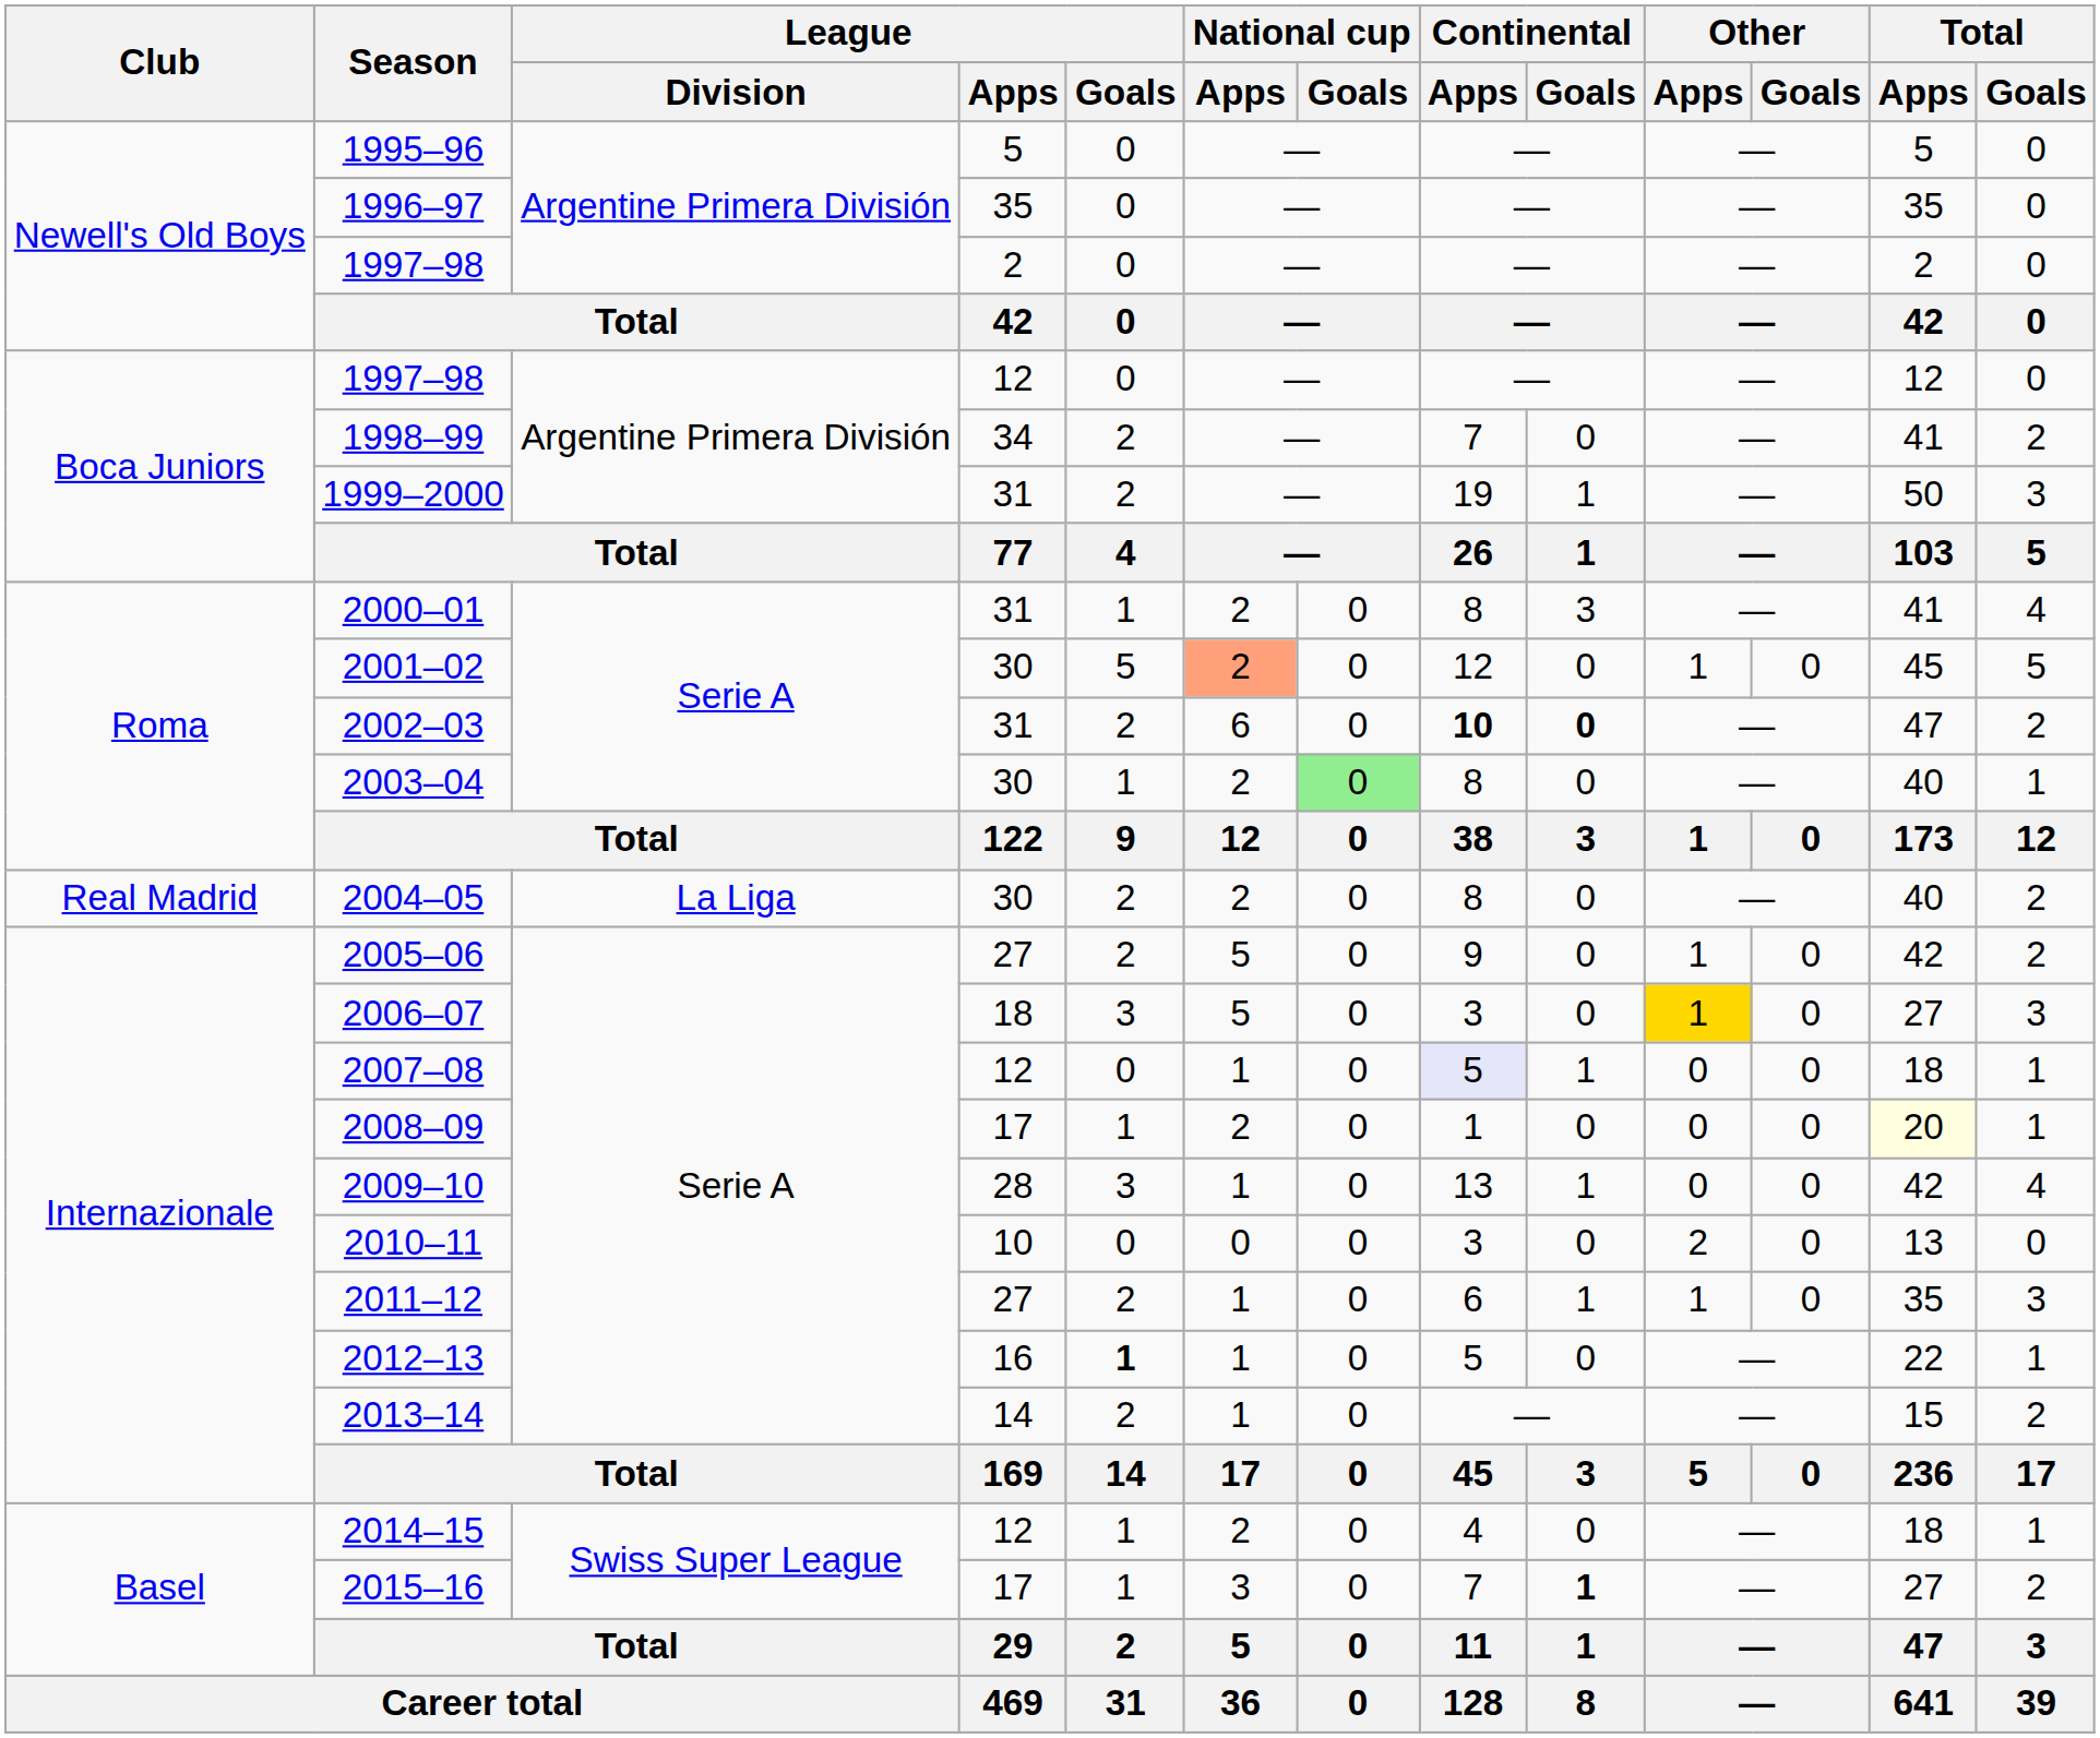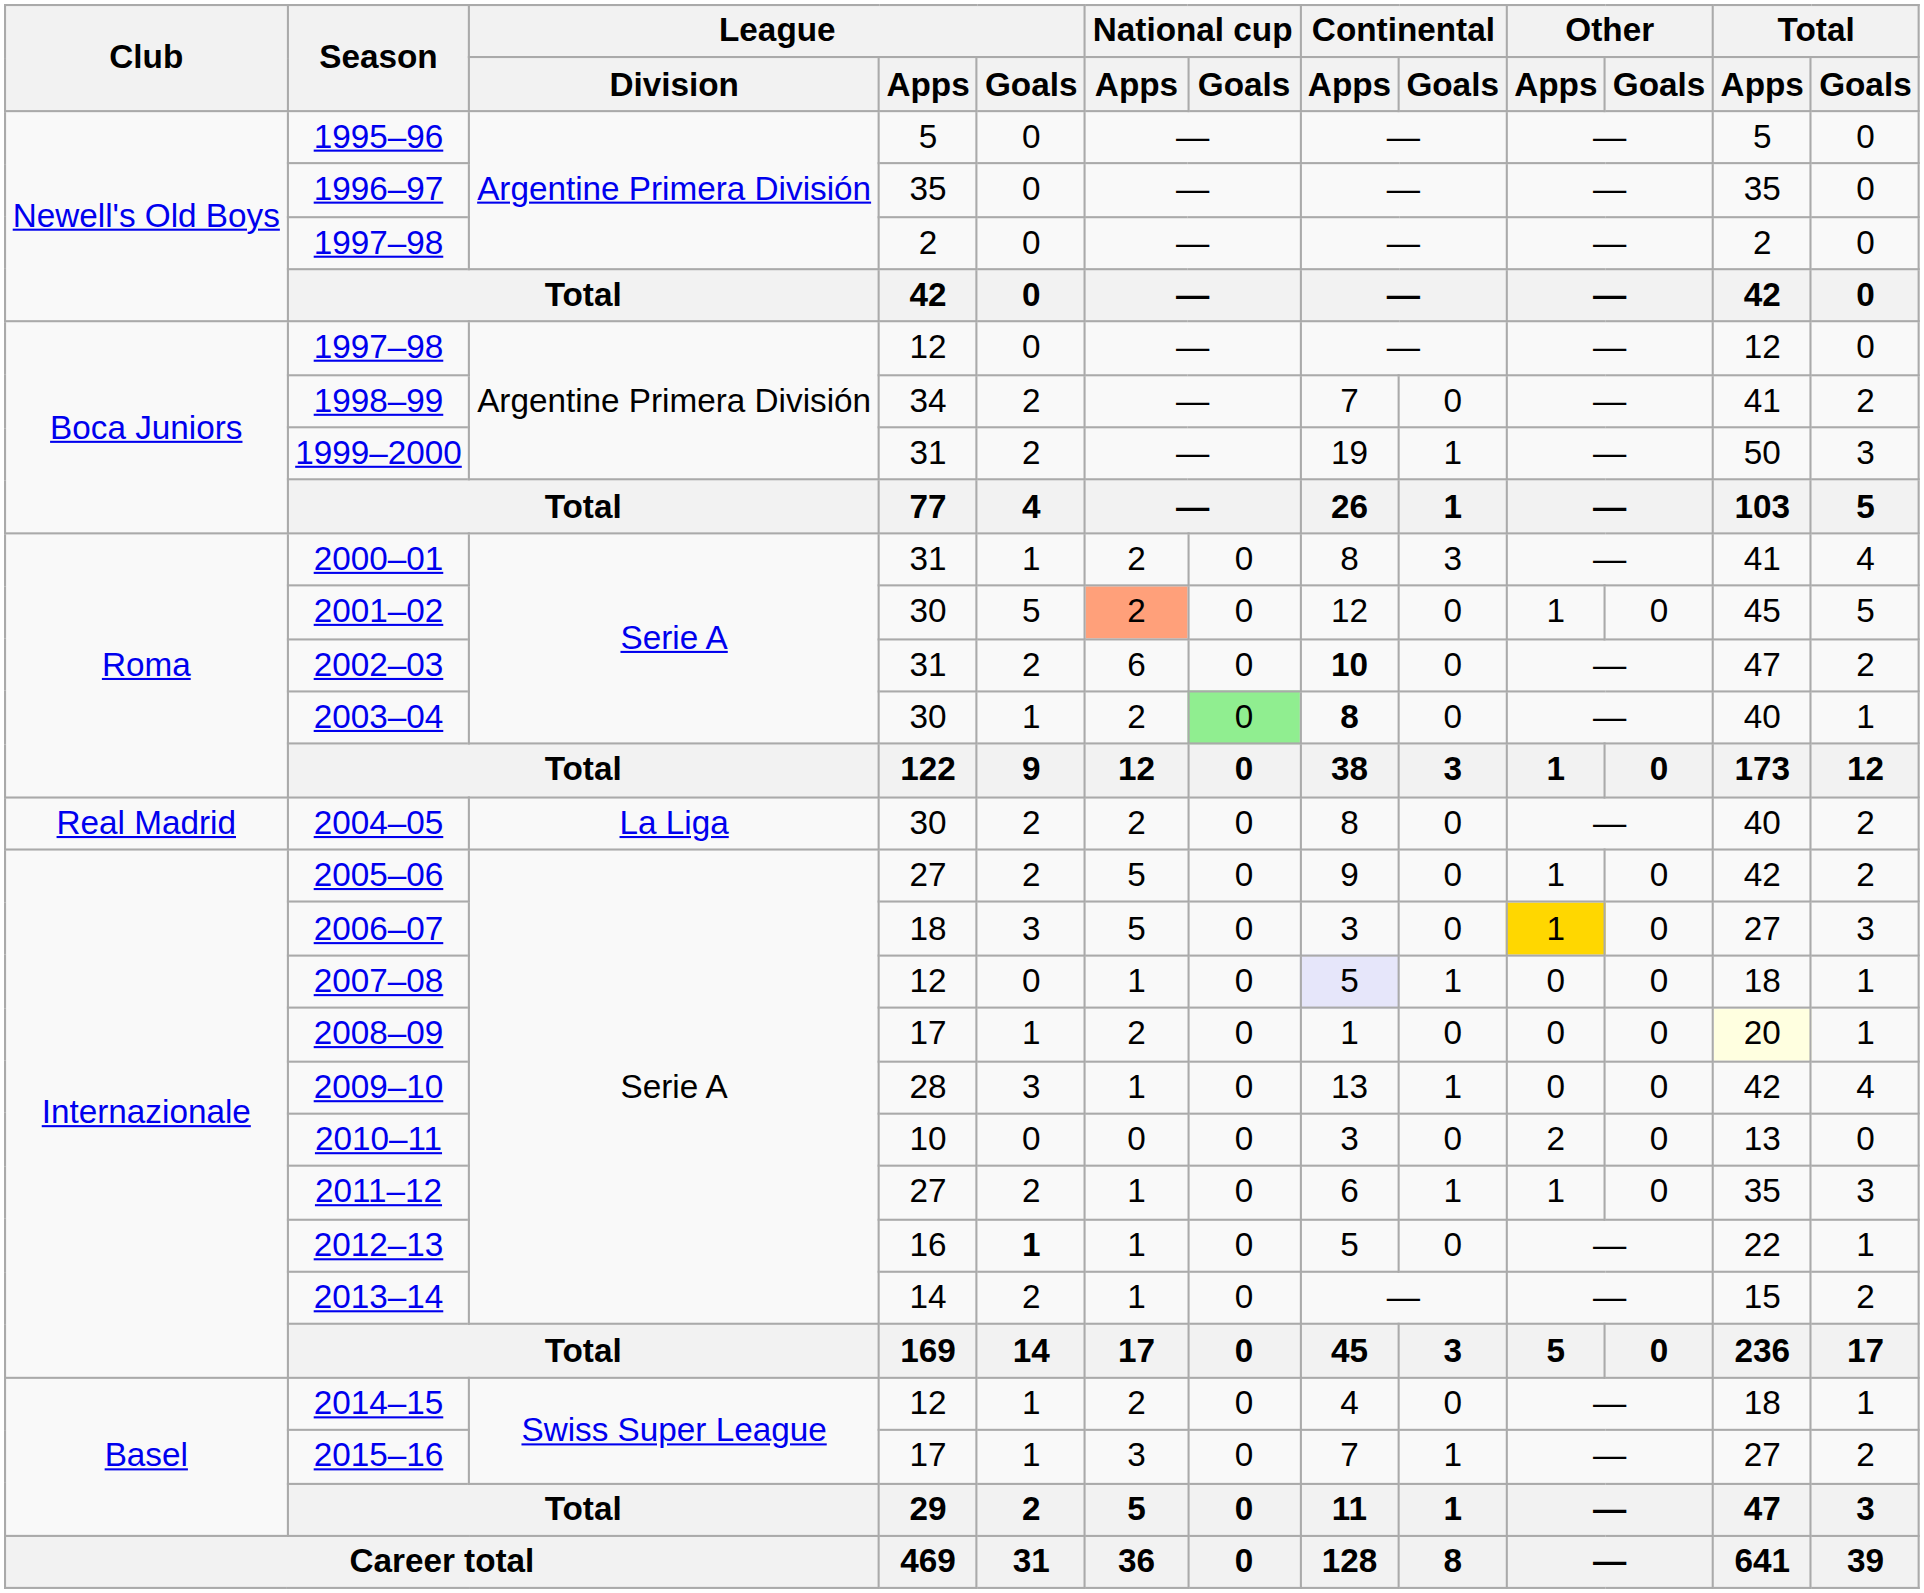 <table class="wikitable" style="text-align:center">
 <tr>
 <th rowspan="2">Club</th>
 <th rowspan="2">Season</th>
 <th colspan="3">League</th>
 <th colspan="2">National cup</th>
 <th colspan="2">Continental</th>
 <th colspan="2">Other</th>
 <th colspan="2">Total</th>
 </tr>
 <tr>
 <th>Division</th>
 <th>Apps</th>
 <th>Goals</th>
 <th>Apps</th>
 <th>Goals</th>
 <th>Apps</th>
 <th>Goals</th>
 <th>Apps</th>
 <th>Goals</th>
 <th>Apps</th>
 <th>Goals</th>
 </tr>
 <tr>
 <td rowspan="4"><a href='#'>Newell's Old Boys</a></td>
 <td><a href='#'>1995–96</a></td>
 <td rowspan="3"><a href='#'>Argentine Primera División</a></td>
 <td>5</td>
 <td>0</td>
 <td colspan="2">—</td>
 <td colspan="2">—</td>
 <td colspan="2">—</td>
 <td>5</td>
 <td>0</td>
 </tr>
 <tr>
 <td><a href='#'>1996–97</a></td>
 <td>35</td>
 <td>0</td>
 <td colspan="2">—</td>
 <td colspan="2">—</td>
 <td colspan="2">—</td>
 <td>35</td>
 <td>0</td>
 </tr>
 <tr>
 <td><a href='#'>1997–98</a></td>
 <td>2</td>
 <td>0</td>
 <td colspan="2">—</td>
 <td colspan="2">—</td>
 <td colspan="2">—</td>
 <td>2</td>
 <td>0</td>
 </tr>
 <tr>
 <th colspan="2">Total</th>
 <th>42</th>
 <th>0</th>
 <th colspan="2">—</th>
 <th colspan="2">—</th>
 <th colspan="2">—</th>
 <th>42</th>
 <th>0</th>
 </tr>
 <tr>
 <td rowspan="4"><a href='#'>Boca Juniors</a></td>
 <td><a href='#'>1997–98</a></td>
 <td rowspan="3">Argentine Primera División</td>
 <td>12</td>
 <td>0</td>
 <td colspan="2">—</td>
 <td colspan="2">—</td>
 <td colspan="2">—</td>
 <td>12</td>
 <td>0</td>
 </tr>
 <tr>
 <td><a href='#'>1998–99</a></td>
 <td>34</td>
 <td>2</td>
 <td colspan="2">—</td>
 <td>7</td>
 <td>0</td>
 <td colspan="2">—</td>
 <td>41</td>
 <td>2</td>
 </tr>
 <tr>
 <td><a href='#'>1999–2000</a></td>
 <td>31</td>
 <td>2</td>
 <td colspan="2">—</td>
 <td>19</td>
 <td>1</td>
 <td colspan="2">—</td>
 <td>50</td>
 <td>3</td>
 </tr>
 <tr>
 <th colspan="2">Total</th>
 <th>77</th>
 <th>4</th>
 <th colspan="2">—</th>
 <th>26</th>
 <th>1</th>
 <th colspan="2">—</th>
 <th>103</th>
 <th>5</th>
 </tr>
 <tr>
 <td rowspan="5"><a href='#'>Roma</a></td>
 <td><a href='#'>2000–01</a></td>
 <td rowspan="4"><a href='#'>Serie A</a></td>
 <td>31</td>
 <td>1</td>
 <td>2</td>
 <td>0</td>
 <td>8</td>
 <td>3</td>
 <td colspan="2">—</td>
 <td>41</td>
 <td>4</td>
 </tr>
 <tr>
 <td><a href='#'>2001–02</a></td>
 <td>30</td>
 <td>5</td>
 <td style="background: lightsalmon;">2</td>
 <td>0</td>
 <td>12</td>
 <td>0</td>
 <td>1</td>
 <td>0</td>
 <td>45</td>
 <td>5</td>
 </tr>
 <tr>
 <td><a href='#'>2002–03</a></td>
 <td>31</td>
 <td>2</td>
 <td>6</td>
 <td>0</td>
 <td><strong>10</strong></td>
-<td><strong>0</strong></td>
+<td>0</td>
 <td colspan="2">—</td>
 <td>47</td>
 <td>2</td>
 </tr>
 <tr>
 <td><a href='#'>2003–04</a></td>
 <td>30</td>
 <td>1</td>
 <td>2</td>
 <td style="background: lightgreen;">0</td>
-<td>8</td>
+<td><strong>8</strong></td>
 <td>0</td>
 <td colspan="2">—</td>
 <td>40</td>
 <td>1</td>
 </tr>
 <tr>
 <th colspan="2">Total</th>
 <th>122</th>
 <th>9</th>
 <th>12</th>
 <th>0</th>
 <th>38</th>
 <th>3</th>
 <th>1</th>
 <th>0</th>
 <th>173</th>
 <th>12</th>
 </tr>
 <tr>
 <td><a href='#'>Real Madrid</a></td>
 <td><a href='#'>2004–05</a></td>
 <td><a href='#'>La Liga</a></td>
 <td>30</td>
 <td>2</td>
 <td>2</td>
 <td>0</td>
 <td>8</td>
 <td>0</td>
 <td colspan="2">—</td>
 <td>40</td>
 <td>2</td>
 </tr>
 <tr>
 <td rowspan="10"><a href='#'>Internazionale</a></td>
 <td><a href='#'>2005–06</a></td>
 <td rowspan="9">Serie A</td>
 <td>27</td>
 <td>2</td>
 <td>5</td>
 <td>0</td>
 <td>9</td>
 <td>0</td>
 <td>1</td>
 <td>0</td>
 <td>42</td>
 <td>2</td>
 </tr>
 <tr>
 <td><a href='#'>2006–07</a></td>
 <td>18</td>
 <td>3</td>
 <td>5</td>
 <td>0</td>
 <td>3</td>
 <td>0</td>
 <td style="background: gold;">1</td>
 <td>0</td>
 <td>27</td>
 <td>3</td>
 </tr>
 <tr>
 <td><a href='#'>2007–08</a></td>
 <td>12</td>
 <td>0</td>
 <td>1</td>
 <td>0</td>
 <td style="background: lavender;">5</td>
 <td>1</td>
 <td>0</td>
 <td>0</td>
 <td>18</td>
 <td>1</td>
 </tr>
 <tr>
 <td><a href='#'>2008–09</a></td>
 <td>17</td>
 <td>1</td>
 <td>2</td>
 <td>0</td>
 <td>1</td>
 <td>0</td>
 <td>0</td>
 <td>0</td>
 <td style="background: lightyellow;">20</td>
 <td>1</td>
 </tr>
 <tr>
 <td><a href='#'>2009–10</a></td>
 <td>28</td>
 <td>3</td>
 <td>1</td>
 <td>0</td>
 <td>13</td>
 <td>1</td>
 <td>0</td>
 <td>0</td>
 <td>42</td>
 <td>4</td>
 </tr>
 <tr>
 <td><a href='#'>2010–11</a></td>
 <td>10</td>
 <td>0</td>
 <td>0</td>
 <td>0</td>
 <td>3</td>
 <td>0</td>
 <td>2</td>
 <td>0</td>
 <td>13</td>
 <td>0</td>
 </tr>
 <tr>
 <td><a href='#'>2011–12</a></td>
 <td>27</td>
 <td>2</td>
 <td>1</td>
 <td>0</td>
 <td>6</td>
 <td>1</td>
 <td>1</td>
 <td>0</td>
 <td>35</td>
 <td>3</td>
 </tr>
 <tr>
 <td><a href='#'>2012–13</a></td>
 <td>16</td>
 <td><strong>1</strong></td>
 <td>1</td>
 <td>0</td>
 <td>5</td>
 <td>0</td>
 <td colspan="2">—</td>
 <td>22</td>
 <td>1</td>
 </tr>
 <tr>
 <td><a href='#'>2013–14</a></td>
 <td>14</td>
 <td>2</td>
 <td>1</td>
 <td>0</td>
 <td colspan="2">—</td>
 <td colspan="2">—</td>
 <td>15</td>
 <td>2</td>
 </tr>
 <tr>
 <th colspan="2">Total</th>
 <th>169</th>
 <th>14</th>
 <th>17</th>
 <th>0</th>
 <th>45</th>
 <th>3</th>
 <th>5</th>
 <th>0</th>
 <th>236</th>
 <th>17</th>
 </tr>
 <tr>
 <td rowspan="3"><a href='#'>Basel</a></td>
 <td><a href='#'>2014–15</a></td>
 <td rowspan="2"><a href='#'>Swiss Super League</a></td>
 <td>12</td>
 <td>1</td>
 <td>2</td>
 <td>0</td>
 <td>4</td>
 <td>0</td>
 <td colspan="2">—</td>
 <td>18</td>
 <td>1</td>
 </tr>
 <tr>
 <td><a href='#'>2015–16</a></td>
 <td>17</td>
 <td>1</td>
 <td>3</td>
 <td>0</td>
 <td>7</td>
-<td><strong>1</strong></td>
+<td>1</td>
 <td colspan="2">—</td>
 <td>27</td>
 <td>2</td>
 </tr>
 <tr>
 <th colspan="2">Total</th>
 <th>29</th>
 <th>2</th>
 <th>5</th>
 <th>0</th>
 <th>11</th>
 <th>1</th>
 <th colspan="2">—</th>
 <th>47</th>
 <th>3</th>
 </tr>
 <tr>
 <th colspan="3">Career total</th>
 <th>469</th>
 <th>31</th>
 <th>36</th>
 <th>0</th>
 <th>128</th>
 <th>8</th>
 <th colspan="2">—</th>
 <th>641</th>
 <th>39</th>
 </tr>
 </table>
